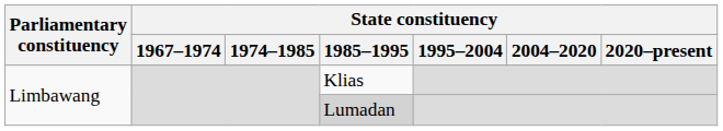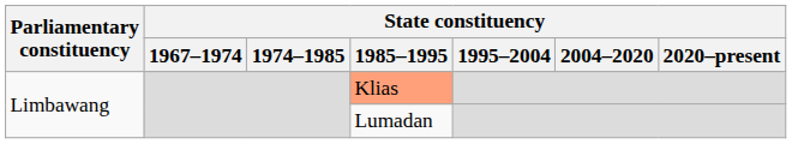 <table class=wikitable>
 <tr>
 <th rowspan=2>Parliamentary<br>constituency</th>
 <th colspan=6>State constituency</th>
 </tr>
 <tr>
 <th>1967–1974</th>
 <th>1974–1985</th>
 <th>1985–1995</th>
 <th>1995–2004</th>
 <th>2004–2020</th>
 <th>2020–present</th>
 </tr>
 <tr>
 <td rowspan=2>Limbawang</td>
 <td rowspan=2 colspan=2 bgcolor=dcdcdc></td>
-<td>Klias</td>
+<td style="background: lightsalmon;">Klias</td>
 <td colspan=3 bgcolor=dcdcdc></td>
 </tr>
 <tr>
-<td style="background: lightgrey;">Lumadan</td>
+<td>Lumadan</td>
 <td colspan=3 bgcolor=dcdcdc></td>
 </tr>
 </table>
